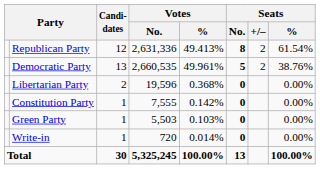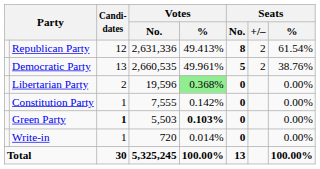 <table class="wikitable" style="font-size:100%; text-align:right;">
 <tr>
 <th colspan=2 rowspan=2>Party</th>
 <th rowspan=2><small>Candi-<br>dates</small></th>
 <th colspan=2>Votes</th>
 <th colspan=3>Seats</th>
 </tr>
 <tr>
 <th>No.</th>
 <th>%</th>
 <th>No.</th>
 <th>+/–</th>
 <th>%</th>
 </tr>
 <tr>
 <td style="background:"></td>
 <td align=left><a href='#'>Republican Party</a></td>
 <td>12</td>
 <td>2,631,336</td>
 <td>49.413%</td>
 <td><strong>8</strong></td>
 <td>2</td>
 <td>61.54%</td>
 </tr>
 <tr>
 <td style="background:"></td>
 <td align=left><a href='#'>Democratic Party</a></td>
 <td>13</td>
 <td>2,660,535</td>
 <td>49.961%</td>
 <td><strong>5</strong></td>
 <td>2</td>
 <td>38.76%</td>
 </tr>
 <tr>
 <td style="background:"></td>
 <td align=left><a href='#'>Libertarian Party</a></td>
 <td>2</td>
 <td>19,596</td>
-<td>0.368%</td>
+<td style="background: lightgreen;">0.368%</td>
 <td><strong>0</strong></td>
 <td></td>
 <td>0.00%</td>
 </tr>
 <tr>
 <td style="background:"></td>
 <td align=left><a href='#'>Constitution Party</a></td>
 <td>1</td>
 <td>7,555</td>
 <td>0.142%</td>
 <td><strong>0</strong></td>
 <td></td>
 <td>0.00%</td>
 </tr>
 <tr>
 <td style="background:"></td>
 <td align=left><a href='#'>Green Party</a></td>
-<td>1</td>
+<td><strong>1</strong></td>
 <td>5,503</td>
-<td>0.103%</td>
+<td><strong>0.103%</strong></td>
 <td><strong>0</strong></td>
 <td></td>
 <td>0.00%</td>
 </tr>
 <tr>
 <td style="background:"></td>
 <td align=left><a href='#'>Write-in</a></td>
 <td>1</td>
 <td>720</td>
 <td>0.014%</td>
 <td><strong>0</strong></td>
 <td></td>
 <td>0.00%</td>
 </tr>
 <tr style="font-weight:bold">
 <td colspan=2 align=left>Total</td>
 <td>30</td>
 <td>5,325,245</td>
 <td>100.00%</td>
 <td>13</td>
 <td></td>
 <td>100.00%</td>
 </tr>
 </table>
